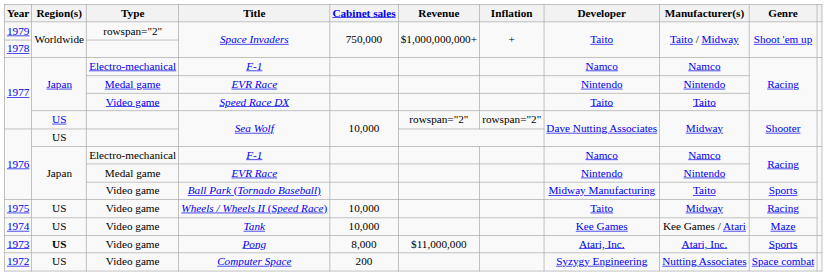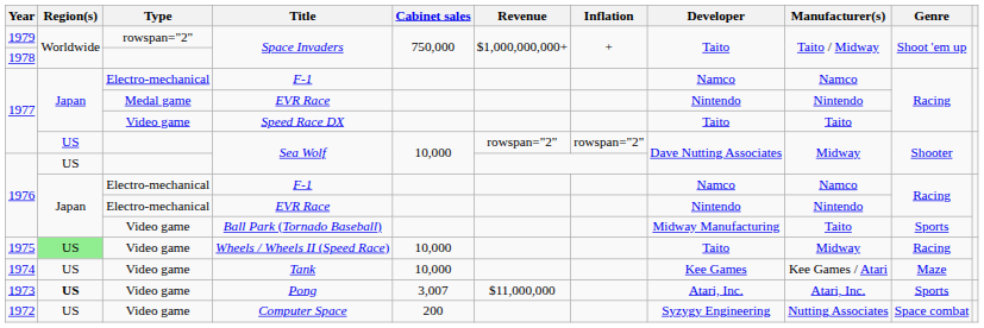 <table class="wikitable sortable" style="text-align:center">
 <tr>
 <th>Year</th>
 <th>Region(s)</th>
 <th>Type</th>
 <th>Title</th>
 <th><a href='#'>Cabinet sales</a></th>
 <th>Revenue</th>
 <th>Inflation</th>
 <th>Developer</th>
 <th>Manufacturer(s)</th>
 <th>Genre</th>
 <th class="unsortable"></th>
 </tr>
 <tr>
 <td><a href='#'>1979</a></td>
 <td rowspan="2">Worldwide</td>
 <td>rowspan="2" </td>
 <td rowspan="2"><em><a href='#'>Space Invaders</a></em></td>
 <td rowspan="2">750,000</td>
 <td rowspan="2">$1,000,000,000+</td>
 <td rowspan="2">+</td>
 <td rowspan="2"><a href='#'>Taito</a></td>
 <td rowspan="2"><a href='#'>Taito</a> / <a href='#'>Midway</a></td>
 <td rowspan="2"><a href='#'>Shoot 'em up</a></td>
 <td rowspan="2"></td>
 </tr>
 <tr>
 <td><a href='#'>1978</a></td>
 </tr>
 <tr>
 <td rowspan="4"><a href='#'>1977</a></td>
 <td rowspan="3"><a href='#'>Japan</a></td>
 <td><a href='#'>Electro-mechanical</a></td>
 <td><em><a href='#'>F-1</a></em></td>
 <td></td>
 <td></td>
 <td></td>
 <td><a href='#'>Namco</a></td>
 <td><a href='#'>Namco</a></td>
 <td rowspan="3"><a href='#'>Racing</a></td>
 <td rowspan="3"></td>
 </tr>
 <tr>
 <td><a href='#'>Medal game</a></td>
 <td><em><a href='#'>EVR Race</a></em></td>
 <td></td>
 <td></td>
 <td></td>
 <td><a href='#'>Nintendo</a></td>
 <td><a href='#'>Nintendo</a></td>
 </tr>
 <tr>
 <td><a href='#'>Video game</a></td>
 <td><em><a href='#'>Speed Race DX</a></em></td>
 <td></td>
 <td></td>
 <td></td>
 <td><a href='#'>Taito</a></td>
 <td><a href='#'>Taito</a></td>
 </tr>
 <tr>
 <td><a href='#'>US</a></td>
 <td></td>
 <td rowspan="2"><em><a href='#'>Sea Wolf</a></em></td>
 <td rowspan="2">10,000</td>
 <td>rowspan="2" </td>
 <td>rowspan="2" </td>
 <td rowspan="2"><a href='#'>Dave Nutting Associates</a></td>
 <td rowspan="2"><a href='#'>Midway</a></td>
 <td rowspan="2"><a href='#'>Shooter</a></td>
 <td rowspan="2"></td>
 </tr>
 <tr>
 <td rowspan="4"><a href='#'>1976</a></td>
 <td>US</td>
 <td></td>
 </tr>
 <tr>
 <td rowspan="3">Japan</td>
 <td>Electro-mechanical</td>
 <td><em><a href='#'>F-1</a></em></td>
 <td></td>
 <td></td>
 <td></td>
 <td><a href='#'>Namco</a></td>
 <td><a href='#'>Namco</a></td>
 <td rowspan="2"><a href='#'>Racing</a></td>
 <td rowspan="3"></td>
 </tr>
 <tr>
-<td>Medal game</td>
+<td>Electro-mechanical</td>
 <td><em><a href='#'>EVR Race</a></em></td>
 <td></td>
 <td></td>
 <td></td>
 <td><a href='#'>Nintendo</a></td>
 <td><a href='#'>Nintendo</a></td>
 </tr>
 <tr>
 <td>Video game</td>
 <td><a href='#'><em>Ball Park</em> (<em>Tornado Baseball</em>)</a></td>
 <td></td>
 <td></td>
 <td></td>
 <td><a href='#'>Midway Manufacturing</a></td>
 <td><a href='#'>Taito</a></td>
 <td><a href='#'>Sports</a></td>
 </tr>
 <tr>
 <td><a href='#'>1975</a></td>
-<td>US</td>
+<td style="background: lightgreen;">US</td>
 <td>Video game</td>
 <td><a href='#'><em>Wheels / Wheels II</em> (<em>Speed Race</em>)</a></td>
 <td>10,000</td>
 <td></td>
 <td></td>
 <td><a href='#'>Taito</a></td>
 <td><a href='#'>Midway</a></td>
 <td><a href='#'>Racing</a></td>
 <td rowspan="2"></td>
 </tr>
 <tr>
 <td><a href='#'>1974</a></td>
 <td>US</td>
 <td>Video game</td>
 <td><em><a href='#'>Tank</a></em></td>
 <td>10,000</td>
 <td></td>
 <td></td>
 <td><a href='#'>Kee Games</a></td>
 <td>Kee Games / <a href='#'>Atari</a></td>
 <td><a href='#'>Maze</a></td>
 </tr>
 <tr>
 <td><a href='#'>1973</a></td>
 <td><strong>US</strong></td>
 <td>Video game</td>
 <td><em><a href='#'>Pong</a></em></td>
-<td>8,000</td>
+<td>3,007</td>
 <td>$11,000,000</td>
 <td></td>
 <td><a href='#'>Atari, Inc.</a></td>
 <td><a href='#'>Atari, Inc.</a></td>
 <td><a href='#'>Sports</a></td>
 <td></td>
 </tr>
 <tr>
 <td><a href='#'>1972</a></td>
 <td>US</td>
 <td>Video game</td>
 <td><em><a href='#'>Computer Space</a></em></td>
 <td>200</td>
 <td></td>
 <td></td>
 <td><a href='#'>Syzygy Engineering</a></td>
 <td><a href='#'>Nutting Associates</a></td>
 <td><a href='#'>Space combat</a></td>
 <td></td>
 </tr>
 </table>
